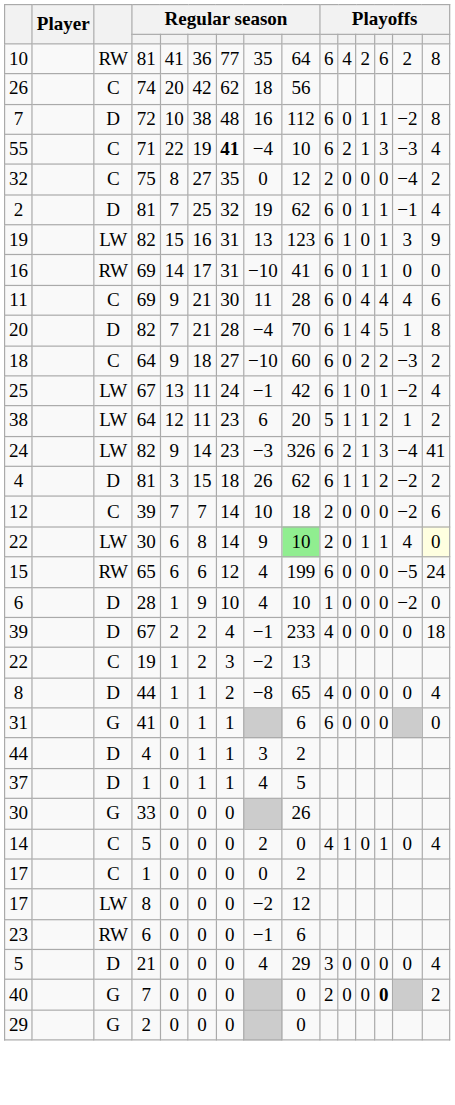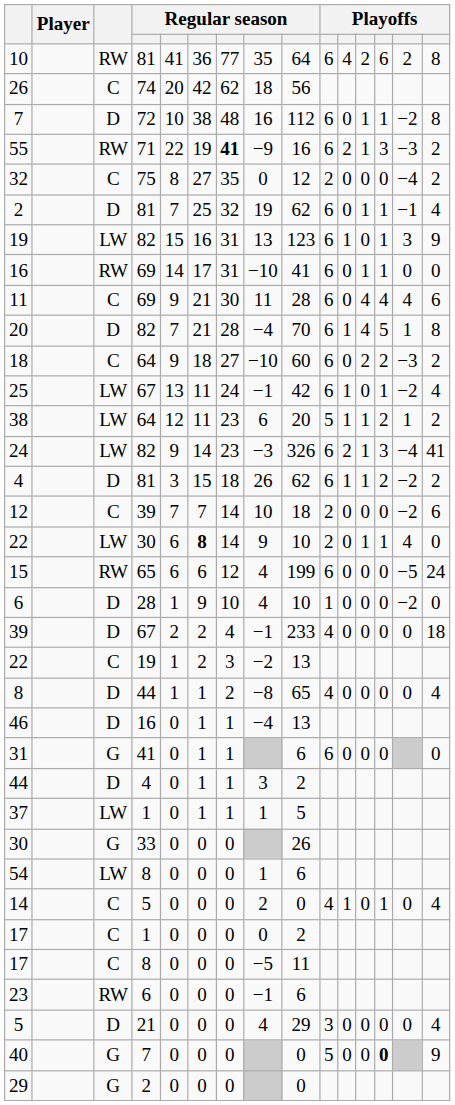 <table class="wikitable sortable plainrowheaders" style="text-align:center;">
 <tr>
 <th scope="col" data-sort-type="number" rowspan="2"></th>
 <th scope="col" rowspan="2">Player</th>
 <th scope="col" rowspan="2"></th>
 <th scope=colgroup colspan=6>Regular season</th>
 <th scope=colgroup colspan=6>Playoffs</th>
 </tr>
 <tr>
 <th scope="col" data-sort-type="number"></th>
 <th scope="col" data-sort-type="number"></th>
 <th scope="col" data-sort-type="number"></th>
 <th scope="col" data-sort-type="number"></th>
 <th scope="col" data-sort-type="number"></th>
 <th scope="col" data-sort-type="number"></th>
 <th scope="col" data-sort-type="number"></th>
 <th scope="col" data-sort-type="number"></th>
 <th scope="col" data-sort-type="number"></th>
 <th scope="col" data-sort-type="number"></th>
 <th scope="col" data-sort-type="number"></th>
 <th scope="col" data-sort-type="number"></th>
 </tr>
 <tr>
 <td scope="row">10</td>
 <td align="left"></td>
 <td>RW</td>
 <td>81</td>
 <td>41</td>
 <td>36</td>
 <td>77</td>
 <td>35</td>
 <td>64</td>
 <td>6</td>
 <td>4</td>
 <td>2</td>
 <td>6</td>
 <td>2</td>
 <td>8</td>
 </tr>
 <tr>
 <td scope="row">26</td>
 <td align="left"></td>
 <td>C</td>
 <td>74</td>
 <td>20</td>
 <td>42</td>
 <td>62</td>
 <td>18</td>
 <td>56</td>
 <td></td>
 <td></td>
 <td></td>
 <td></td>
 <td></td>
 <td></td>
 </tr>
 <tr>
 <td scope="row">7</td>
 <td align="left"></td>
 <td>D</td>
 <td>72</td>
 <td>10</td>
 <td>38</td>
 <td>48</td>
 <td>16</td>
 <td>112</td>
 <td>6</td>
 <td>0</td>
 <td>1</td>
 <td>1</td>
 <td>−2</td>
 <td>8</td>
 </tr>
 <tr>
 <td scope="row">55</td>
 <td align="left"></td>
-<td>C</td>
+<td>RW</td>
 <td>71</td>
 <td>22</td>
 <td>19</td>
 <td><strong>41</strong></td>
-<td>−4</td>
-<td>10</td>
+<td>−9</td>
+<td>16</td>
 <td>6</td>
 <td>2</td>
 <td>1</td>
 <td>3</td>
 <td>−3</td>
-<td>4</td>
+<td>2</td>
 </tr>
 <tr>
 <td scope="row">32</td>
 <td align="left"></td>
 <td>C</td>
 <td>75</td>
 <td>8</td>
 <td>27</td>
 <td>35</td>
 <td>0</td>
 <td>12</td>
 <td>2</td>
 <td>0</td>
 <td>0</td>
 <td>0</td>
 <td>−4</td>
 <td>2</td>
 </tr>
 <tr>
 <td scope="row">2</td>
 <td align="left"></td>
 <td>D</td>
 <td>81</td>
 <td>7</td>
 <td>25</td>
 <td>32</td>
 <td>19</td>
 <td>62</td>
 <td>6</td>
 <td>0</td>
 <td>1</td>
 <td>1</td>
 <td>−1</td>
 <td>4</td>
 </tr>
 <tr>
 <td scope="row">19</td>
 <td align="left"></td>
 <td>LW</td>
 <td>82</td>
 <td>15</td>
 <td>16</td>
 <td>31</td>
 <td>13</td>
 <td>123</td>
 <td>6</td>
 <td>1</td>
 <td>0</td>
 <td>1</td>
 <td>3</td>
 <td>9</td>
 </tr>
 <tr>
 <td scope="row">16</td>
 <td align="left"></td>
 <td>RW</td>
 <td>69</td>
 <td>14</td>
 <td>17</td>
 <td>31</td>
 <td>−10</td>
 <td>41</td>
 <td>6</td>
 <td>0</td>
 <td>1</td>
 <td>1</td>
 <td>0</td>
 <td>0</td>
 </tr>
 <tr>
 <td scope="row">11</td>
 <td align="left"></td>
 <td>C</td>
 <td>69</td>
 <td>9</td>
 <td>21</td>
 <td>30</td>
 <td>11</td>
 <td>28</td>
 <td>6</td>
 <td>0</td>
 <td>4</td>
 <td>4</td>
 <td>4</td>
 <td>6</td>
 </tr>
 <tr>
 <td scope="row">20</td>
 <td align="left"></td>
 <td>D</td>
 <td>82</td>
 <td>7</td>
 <td>21</td>
 <td>28</td>
 <td>−4</td>
 <td>70</td>
 <td>6</td>
 <td>1</td>
 <td>4</td>
 <td>5</td>
 <td>1</td>
 <td>8</td>
 </tr>
 <tr>
 <td scope="row">18</td>
 <td align="left"></td>
 <td>C</td>
 <td>64</td>
 <td>9</td>
 <td>18</td>
 <td>27</td>
 <td>−10</td>
 <td>60</td>
 <td>6</td>
 <td>0</td>
 <td>2</td>
 <td>2</td>
 <td>−3</td>
 <td>2</td>
 </tr>
 <tr>
 <td scope="row">25</td>
 <td align="left"></td>
 <td>LW</td>
 <td>67</td>
 <td>13</td>
 <td>11</td>
 <td>24</td>
 <td>−1</td>
 <td>42</td>
 <td>6</td>
 <td>1</td>
 <td>0</td>
 <td>1</td>
 <td>−2</td>
 <td>4</td>
 </tr>
 <tr>
 <td scope="row">38</td>
 <td align="left"></td>
 <td>LW</td>
 <td>64</td>
 <td>12</td>
 <td>11</td>
 <td>23</td>
 <td>6</td>
 <td>20</td>
 <td>5</td>
 <td>1</td>
 <td>1</td>
 <td>2</td>
 <td>1</td>
 <td>2</td>
 </tr>
 <tr>
 <td scope="row">24</td>
 <td align="left"></td>
 <td>LW</td>
 <td>82</td>
 <td>9</td>
 <td>14</td>
 <td>23</td>
 <td>−3</td>
 <td>326</td>
 <td>6</td>
 <td>2</td>
 <td>1</td>
 <td>3</td>
 <td>−4</td>
 <td>41</td>
 </tr>
 <tr>
 <td scope="row">4</td>
 <td align="left"></td>
 <td>D</td>
 <td>81</td>
 <td>3</td>
 <td>15</td>
 <td>18</td>
 <td>26</td>
 <td>62</td>
 <td>6</td>
 <td>1</td>
 <td>1</td>
 <td>2</td>
 <td>−2</td>
 <td>2</td>
 </tr>
 <tr>
 <td scope="row">12</td>
 <td align="left"></td>
 <td>C</td>
 <td>39</td>
 <td>7</td>
 <td>7</td>
 <td>14</td>
 <td>10</td>
 <td>18</td>
 <td>2</td>
 <td>0</td>
 <td>0</td>
 <td>0</td>
 <td>−2</td>
 <td>6</td>
 </tr>
 <tr>
 <td scope="row">22</td>
 <td align="left"></td>
 <td>LW</td>
 <td>30</td>
 <td>6</td>
-<td>8</td>
+<td><strong>8</strong></td>
 <td>14</td>
 <td>9</td>
-<td style="background: lightgreen;">10</td>
+<td>10</td>
 <td>2</td>
 <td>0</td>
 <td>1</td>
 <td>1</td>
 <td>4</td>
-<td style="background: lightyellow;">0</td>
+<td>0</td>
 </tr>
 <tr>
 <td scope="row">15</td>
 <td align="left"></td>
 <td>RW</td>
 <td>65</td>
 <td>6</td>
 <td>6</td>
 <td>12</td>
 <td>4</td>
 <td>199</td>
 <td>6</td>
 <td>0</td>
 <td>0</td>
 <td>0</td>
 <td>−5</td>
 <td>24</td>
 </tr>
 <tr>
 <td scope="row">6</td>
 <td align="left"></td>
 <td>D</td>
 <td>28</td>
 <td>1</td>
 <td>9</td>
 <td>10</td>
 <td>4</td>
 <td>10</td>
 <td>1</td>
 <td>0</td>
 <td>0</td>
 <td>0</td>
 <td>−2</td>
 <td>0</td>
 </tr>
 <tr>
 <td scope="row">39</td>
 <td align="left"></td>
 <td>D</td>
 <td>67</td>
 <td>2</td>
 <td>2</td>
 <td>4</td>
 <td>−1</td>
 <td>233</td>
 <td>4</td>
 <td>0</td>
 <td>0</td>
 <td>0</td>
 <td>0</td>
 <td>18</td>
 </tr>
 <tr>
 <td scope="row">22</td>
 <td align="left"></td>
 <td>C</td>
 <td>19</td>
 <td>1</td>
 <td>2</td>
 <td>3</td>
 <td>−2</td>
 <td>13</td>
 <td></td>
 <td></td>
 <td></td>
 <td></td>
 <td></td>
 <td></td>
 </tr>
 <tr>
 <td scope="row">8</td>
 <td align="left"></td>
 <td>D</td>
 <td>44</td>
 <td>1</td>
 <td>1</td>
 <td>2</td>
 <td>−8</td>
 <td>65</td>
 <td>4</td>
 <td>0</td>
 <td>0</td>
 <td>0</td>
 <td>0</td>
 <td>4</td>
 </tr>
 <tr>
+<td scope="row">46</td>
+<td align="left"></td>
+<td>D</td>
+<td>16</td>
+<td>0</td>
+<td>1</td>
+<td>1</td>
+<td>−4</td>
+<td>13</td>
+<td></td>
+<td></td>
+<td></td>
+<td></td>
+<td></td>
+<td></td>
+</tr>
+<tr>
 <td scope="row">31</td>
 <td align="left"></td>
 <td>G</td>
 <td>41</td>
 <td>0</td>
 <td>1</td>
 <td>1</td>
 <td style="background:#ccc"></td>
 <td>6</td>
 <td>6</td>
 <td>0</td>
 <td>0</td>
 <td>0</td>
 <td style="background:#ccc"></td>
 <td>0</td>
 </tr>
 <tr>
 <td scope="row">44</td>
 <td align="left"></td>
 <td>D</td>
 <td>4</td>
 <td>0</td>
 <td>1</td>
 <td>1</td>
 <td>3</td>
 <td>2</td>
 <td></td>
 <td></td>
 <td></td>
 <td></td>
 <td></td>
 <td></td>
 </tr>
 <tr>
 <td scope="row">37</td>
 <td align="left"></td>
-<td>D</td>
+<td>LW</td>
 <td>1</td>
 <td>0</td>
 <td>1</td>
 <td>1</td>
-<td>4</td>
+<td>1</td>
 <td>5</td>
 <td></td>
 <td></td>
 <td></td>
 <td></td>
 <td></td>
 <td></td>
 </tr>
 <tr>
 <td scope="row">30</td>
 <td align="left"></td>
 <td>G</td>
 <td>33</td>
 <td>0</td>
 <td>0</td>
 <td>0</td>
 <td style="background:#ccc"></td>
 <td>26</td>
+<td></td>
+<td></td>
+<td></td>
+<td></td>
+<td></td>
+<td></td>
+</tr>
+<tr>
+<td scope="row">54</td>
+<td align="left"></td>
+<td>LW</td>
+<td>8</td>
+<td>0</td>
+<td>0</td>
+<td>0</td>
+<td>1</td>
+<td>6</td>
 <td></td>
 <td></td>
 <td></td>
 <td></td>
 <td></td>
 <td></td>
 </tr>
 <tr>
 <td scope="row">14</td>
 <td align="left"></td>
 <td>C</td>
 <td>5</td>
 <td>0</td>
 <td>0</td>
 <td>0</td>
 <td>2</td>
 <td>0</td>
 <td>4</td>
 <td>1</td>
 <td>0</td>
 <td>1</td>
 <td>0</td>
 <td>4</td>
 </tr>
 <tr>
 <td scope="row">17</td>
 <td align="left"></td>
 <td>C</td>
 <td>1</td>
 <td>0</td>
 <td>0</td>
 <td>0</td>
 <td>0</td>
 <td>2</td>
 <td></td>
 <td></td>
 <td></td>
 <td></td>
 <td></td>
 <td></td>
 </tr>
 <tr>
 <td scope="row">17</td>
 <td align="left"></td>
-<td>LW</td>
+<td>C</td>
 <td>8</td>
 <td>0</td>
 <td>0</td>
 <td>0</td>
-<td>−2</td>
-<td>12</td>
+<td>−5</td>
+<td>11</td>
 <td></td>
 <td></td>
 <td></td>
 <td></td>
 <td></td>
 <td></td>
 </tr>
 <tr>
 <td scope="row">23</td>
 <td align="left"></td>
 <td>RW</td>
 <td>6</td>
 <td>0</td>
 <td>0</td>
 <td>0</td>
 <td>−1</td>
 <td>6</td>
 <td></td>
 <td></td>
 <td></td>
 <td></td>
 <td></td>
 <td></td>
 </tr>
 <tr>
 <td scope="row">5</td>
 <td align="left"></td>
 <td>D</td>
 <td>21</td>
 <td>0</td>
 <td>0</td>
 <td>0</td>
 <td>4</td>
 <td>29</td>
 <td>3</td>
 <td>0</td>
 <td>0</td>
 <td>0</td>
 <td>0</td>
 <td>4</td>
 </tr>
 <tr>
 <td scope="row">40</td>
 <td align="left"></td>
 <td>G</td>
 <td>7</td>
 <td>0</td>
 <td>0</td>
 <td>0</td>
 <td style="background:#ccc"></td>
 <td>0</td>
-<td>2</td>
+<td>5</td>
 <td>0</td>
 <td>0</td>
 <td><strong>0</strong></td>
 <td style="background:#ccc"></td>
-<td>2</td>
+<td>9</td>
 </tr>
 <tr>
 <td scope="row">29</td>
 <td align="left"></td>
 <td>G</td>
 <td>2</td>
 <td>0</td>
 <td>0</td>
 <td>0</td>
 <td style="background:#ccc"></td>
 <td>0</td>
 <td></td>
 <td></td>
 <td></td>
 <td></td>
 <td></td>
 <td></td>
 </tr>
 </table>
